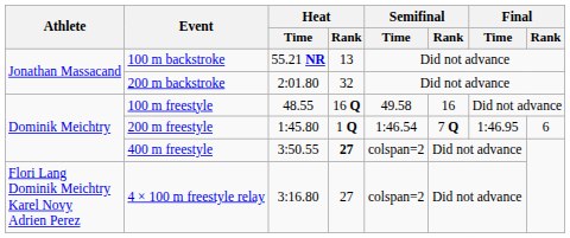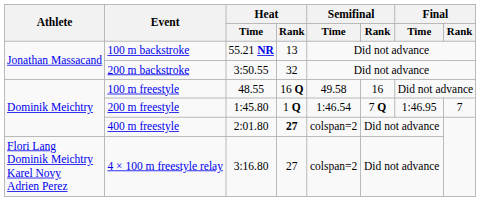 <table class=wikitable style="font-size:90%">
 <tr>
 <th rowspan="2">Athlete</th>
 <th rowspan="2">Event</th>
 <th colspan="2">Heat</th>
 <th colspan="2">Semifinal</th>
 <th colspan="2">Final</th>
 </tr>
 <tr style="font-size:95%">
 <th>Time</th>
 <th>Rank</th>
 <th>Time</th>
 <th>Rank</th>
 <th>Time</th>
 <th>Rank</th>
 </tr>
 <tr align=center>
 <td align=left rowspan=2><a href='#'>Jonathan Massacand</a></td>
 <td align=left><a href='#'>100 m backstroke</a></td>
 <td>55.21 <strong><a href='#'>NR</a></strong></td>
 <td>13</td>
 <td colspan=4>Did not advance</td>
 </tr>
 <tr align=center>
 <td align=left><a href='#'>200 m backstroke</a></td>
-<td>2:01.80</td>
+<td>3:50.55</td>
 <td>32</td>
 <td colspan=4>Did not advance</td>
 </tr>
 <tr align=center>
 <td align=left rowspan=3><a href='#'>Dominik Meichtry</a></td>
 <td align=left><a href='#'>100 m freestyle</a></td>
 <td>48.55</td>
 <td>16 <strong>Q</strong></td>
 <td>49.58</td>
 <td>16</td>
 <td colspan=2>Did not advance</td>
 </tr>
 <tr align=center>
 <td align=left><a href='#'>200 m freestyle</a></td>
 <td>1:45.80</td>
 <td>1 <strong>Q</strong></td>
 <td>1:46.54</td>
 <td>7 <strong>Q</strong></td>
 <td>1:46.95</td>
-<td>6</td>
+<td>7</td>
 </tr>
 <tr align=center>
 <td align=left><a href='#'>400 m freestyle</a></td>
-<td>3:50.55</td>
+<td>2:01.80</td>
 <td><strong>27</strong></td>
 <td>colspan=2 </td>
 <td colspan=2>Did not advance</td>
 </tr>
 <tr align=center>
 <td align=left><a href='#'>Flori Lang</a><br><a href='#'>Dominik Meichtry</a><br><a href='#'>Karel Novy</a><br><a href='#'>Adrien Perez</a></td>
 <td align=left><a href='#'>4 × 100 m freestyle relay</a></td>
 <td>3:16.80</td>
 <td>27</td>
 <td>colspan=2 </td>
 <td colspan=2>Did not advance</td>
 </tr>
 </table>
